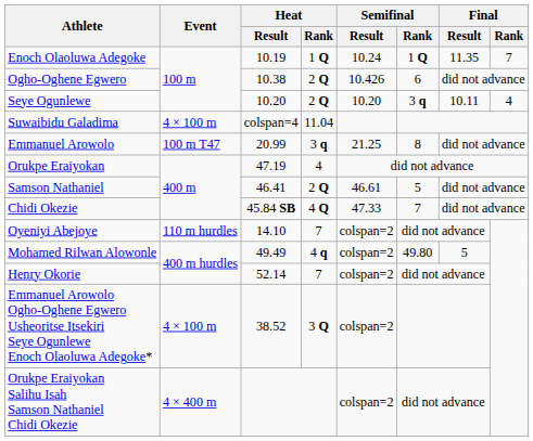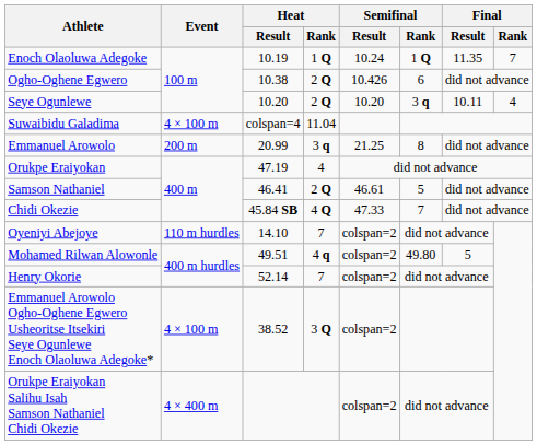 <table class="wikitable" style="font-size:90%">
 <tr>
 <th rowspan=2>Athlete</th>
 <th rowspan=2>Event</th>
 <th colspan=2>Heat</th>
 <th colspan=2>Semifinal</th>
 <th colspan=2>Final</th>
 </tr>
 <tr style="font-size:95%">
 <th>Result</th>
 <th>Rank</th>
 <th>Result</th>
 <th>Rank</th>
 <th>Result</th>
 <th>Rank</th>
 </tr>
 <tr align=center>
 <td align=left><a href='#'>Enoch Olaoluwa Adegoke</a></td>
 <td align=left rowspan=3><a href='#'>100 m</a></td>
 <td>10.19</td>
 <td>1 <strong>Q</strong></td>
 <td>10.24</td>
 <td>1 <strong>Q</strong></td>
 <td>11.35</td>
 <td>7</td>
 </tr>
 <tr align=center>
 <td align=left><a href='#'>Ogho-Oghene Egwero</a></td>
 <td>10.38</td>
 <td>2 <strong>Q</strong></td>
 <td>10.426</td>
 <td>6</td>
 <td colspan=2>did not advance</td>
 </tr>
 <tr align=center>
 <td align=left><a href='#'>Seye Ogunlewe</a></td>
 <td>10.20</td>
 <td>2 <strong>Q</strong></td>
 <td>10.20</td>
 <td>3 <strong>q</strong></td>
 <td>10.11</td>
 <td>4</td>
 </tr>
 <tr align=center>
 <td align=left><a href='#'>Suwaibidu Galadima</a></td>
 <td align=left><a href='#'>4 × 100 m</a></td>
 <td>colspan=4</td>
 <td>11.04</td>
 <td></td>
 </tr>
 <tr align=center>
 <td align=left><a href='#'>Emmanuel Arowolo</a></td>
-<td align=left><a href='#'>100 m T47</a></td>
+<td align=left><a href='#'>200 m</a></td>
 <td>20.99</td>
 <td>3 <strong>q</strong></td>
 <td>21.25</td>
 <td>8</td>
 <td colspan=2>did not advance</td>
 </tr>
 <tr align=center>
 <td align=left><a href='#'>Orukpe Eraiyokan</a></td>
 <td align=left rowspan=3><a href='#'>400 m</a></td>
 <td>47.19</td>
 <td>4</td>
 <td Colspan=4>did not advance</td>
 </tr>
 <tr align=center>
 <td align=left><a href='#'>Samson Nathaniel</a></td>
 <td>46.41</td>
 <td>2 <strong>Q</strong></td>
 <td>46.61</td>
 <td>5</td>
 <td Colspan=2>did not advance</td>
 </tr>
 <tr align=center>
 <td align=left><a href='#'>Chidi Okezie</a></td>
 <td>45.84 <strong>SB</strong></td>
 <td>4 <strong>Q</strong></td>
 <td>47.33</td>
 <td>7</td>
 <td Colspan=2>did not advance</td>
 </tr>
 <tr align=center>
 <td align=left><a href='#'>Oyeniyi Abejoye</a></td>
 <td align=left><a href='#'>110 m hurdles</a></td>
 <td>14.10</td>
 <td>7</td>
 <td>colspan=2</td>
 <td colspan=2>did not advance</td>
 </tr>
 <tr align=center>
 <td align=left><a href='#'>Mohamed Rilwan Alowonle</a></td>
 <td align=left rowspan=2><a href='#'>400 m hurdles</a></td>
-<td>49.49</td>
+<td>49.51</td>
 <td>4 <strong>q</strong></td>
 <td>colspan=2</td>
 <td>49.80</td>
 <td>5</td>
 </tr>
 <tr align=center>
 <td align=left><a href='#'>Henry Okorie</a></td>
 <td>52.14</td>
 <td>7</td>
 <td>colspan=2</td>
 <td colspan=2>did not advance</td>
 </tr>
 <tr align=center>
 <td align=left><a href='#'>Emmanuel Arowolo</a><br><a href='#'>Ogho-Oghene Egwero</a><br><a href='#'>Usheoritse Itsekiri</a><br><a href='#'>Seye Ogunlewe</a><br><a href='#'>Enoch Olaoluwa Adegoke</a>*</td>
 <td align=left><a href='#'>4 × 100 m</a></td>
 <td>38.52</td>
 <td>3 <strong>Q</strong></td>
 <td>colspan=2</td>
 <td colspan=2></td>
 </tr>
 <tr align=center>
 <td align=left><a href='#'>Orukpe Eraiyokan</a><br><a href='#'>Salihu Isah</a><br><a href='#'>Samson Nathaniel</a><br><a href='#'>Chidi Okezie</a></td>
 <td align=left><a href='#'>4 × 400 m</a></td>
 <td colspan=2></td>
 <td>colspan=2</td>
 <td colspan=2>did not advance</td>
 </tr>
 </table>
